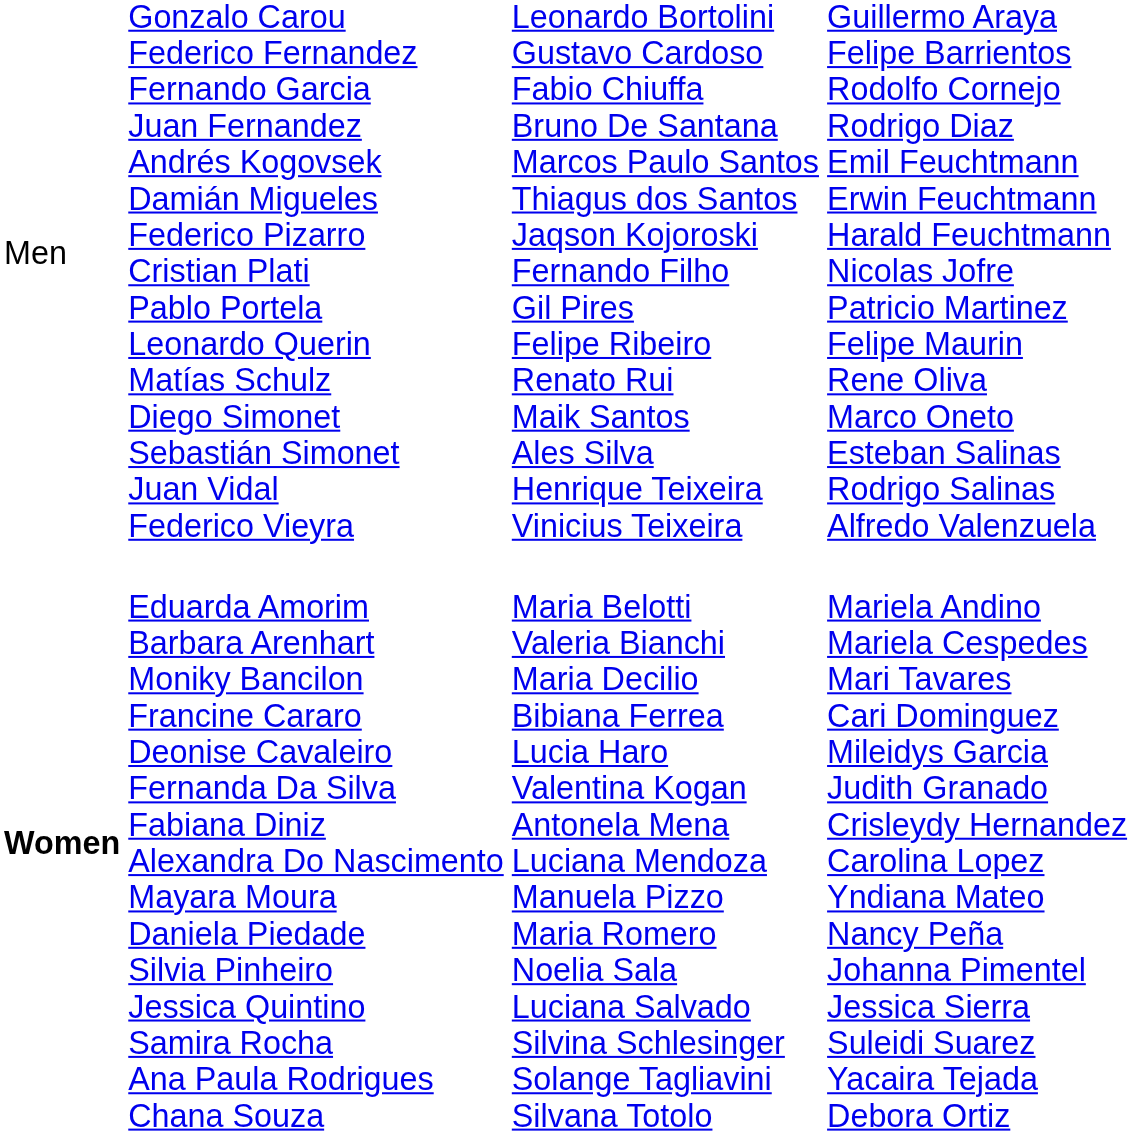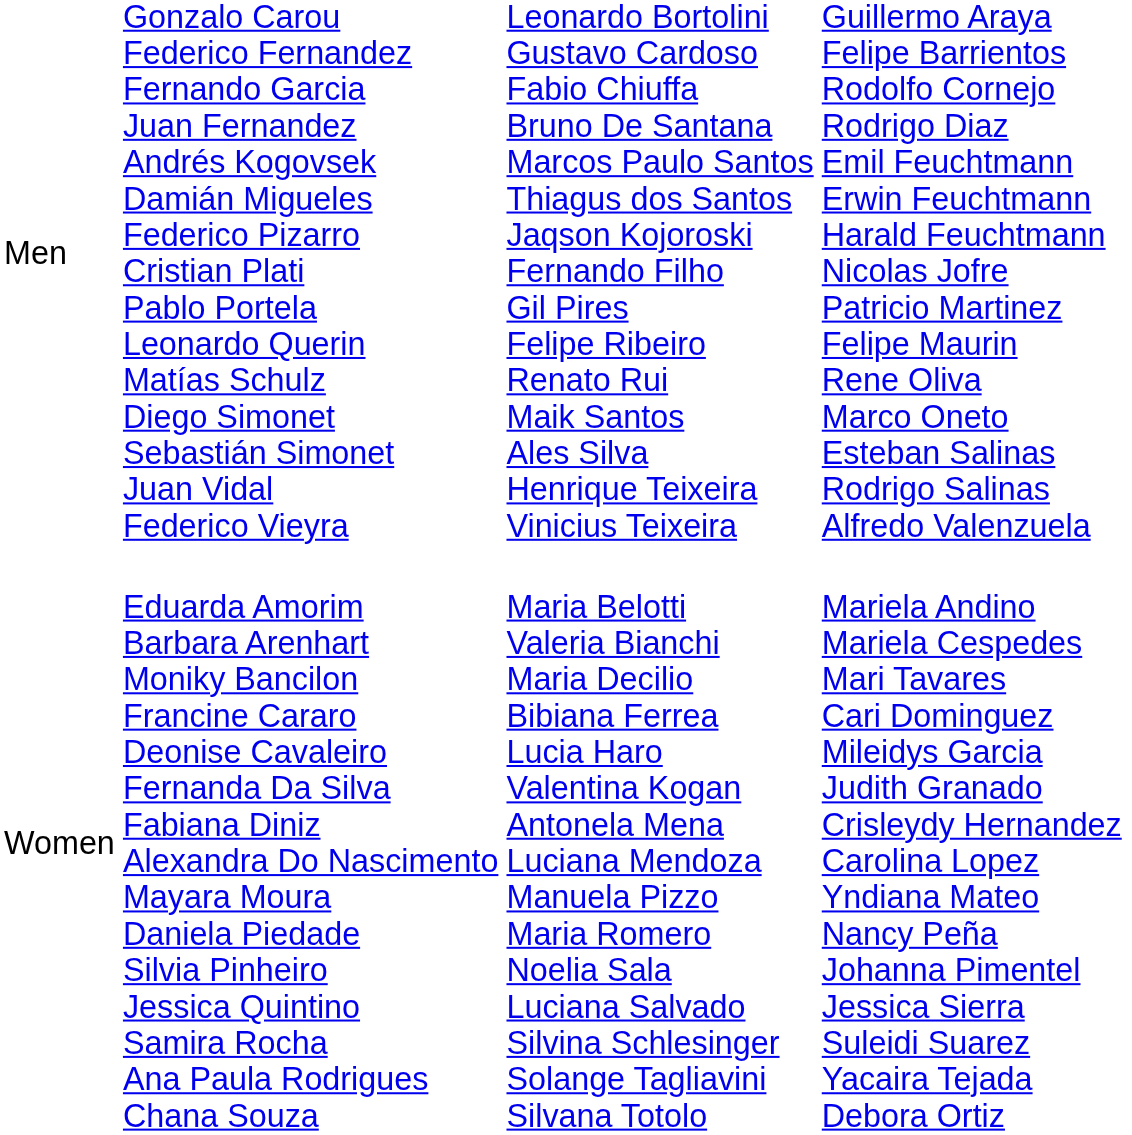 <table>
 <tr>
 <td>Men <br></td>
 <td><br><a href='#'>Gonzalo Carou</a><br><a href='#'>Federico Fernandez</a><br><a href='#'>Fernando Garcia</a><br><a href='#'>Juan Fernandez</a><br><a href='#'>Andrés Kogovsek</a><br><a href='#'>Damián Migueles</a><br><a href='#'>Federico Pizarro</a><br><a href='#'>Cristian Plati</a><br><a href='#'>Pablo Portela</a><br><a href='#'>Leonardo Querin</a><br><a href='#'>Matías Schulz</a><br><a href='#'>Diego Simonet</a><br><a href='#'>Sebastián Simonet</a><br><a href='#'>Juan Vidal</a><br><a href='#'>Federico Vieyra</a></td>
 <td><br><a href='#'>Leonardo Bortolini</a><br><a href='#'>Gustavo Cardoso</a><br><a href='#'>Fabio Chiuffa</a><br><a href='#'>Bruno De Santana</a><br><a href='#'>Marcos Paulo Santos</a><br><a href='#'>Thiagus dos Santos</a><br><a href='#'>Jaqson Kojoroski</a><br><a href='#'>Fernando Filho</a><br><a href='#'>Gil Pires</a><br><a href='#'>Felipe Ribeiro</a><br><a href='#'>Renato Rui</a><br><a href='#'>Maik Santos</a><br><a href='#'>Ales Silva</a><br><a href='#'>Henrique Teixeira</a><br><a href='#'>Vinicius Teixeira</a></td>
 <td><br><a href='#'>Guillermo Araya</a><br><a href='#'>Felipe Barrientos</a><br><a href='#'>Rodolfo Cornejo</a><br><a href='#'>Rodrigo Diaz</a><br><a href='#'>Emil Feuchtmann</a><br><a href='#'>Erwin Feuchtmann</a><br><a href='#'>Harald Feuchtmann</a><br><a href='#'>Nicolas Jofre</a><br><a href='#'>Patricio Martinez</a><br><a href='#'>Felipe Maurin</a><br><a href='#'>Rene Oliva</a><br><a href='#'>Marco Oneto</a><br><a href='#'>Esteban Salinas</a><br><a href='#'>Rodrigo Salinas</a><br><a href='#'>Alfredo Valenzuela</a></td>
 </tr>
 <tr>
-<td><strong>Women <br></strong></td>
+<td>Women <br></td>
 <td><br><a href='#'>Eduarda Amorim</a><br><a href='#'>Barbara Arenhart</a><br><a href='#'>Moniky Bancilon</a><br><a href='#'>Francine Cararo</a><br><a href='#'>Deonise Cavaleiro</a><br><a href='#'>Fernanda Da Silva</a><br><a href='#'>Fabiana Diniz</a><br><a href='#'>Alexandra Do Nascimento</a><br><a href='#'>Mayara Moura</a><br><a href='#'>Daniela Piedade</a><br><a href='#'>Silvia Pinheiro</a><br><a href='#'>Jessica Quintino</a><br><a href='#'>Samira Rocha</a><br><a href='#'>Ana Paula Rodrigues</a><br><a href='#'>Chana Souza</a></td>
 <td><br><a href='#'>Maria Belotti</a><br><a href='#'>Valeria Bianchi</a><br><a href='#'>Maria Decilio</a><br><a href='#'>Bibiana Ferrea</a><br><a href='#'>Lucia Haro</a><br><a href='#'>Valentina Kogan</a><br><a href='#'>Antonela Mena</a><br><a href='#'>Luciana Mendoza</a><br><a href='#'>Manuela Pizzo</a><br><a href='#'>Maria Romero</a><br><a href='#'>Noelia Sala</a><br><a href='#'>Luciana Salvado</a><br><a href='#'>Silvina Schlesinger</a><br><a href='#'>Solange Tagliavini</a><br><a href='#'>Silvana Totolo</a></td>
 <td><br><a href='#'>Mariela Andino</a><br><a href='#'>Mariela Cespedes</a><br><a href='#'>Mari Tavares</a><br><a href='#'>Cari Dominguez</a><br><a href='#'>Mileidys Garcia</a><br><a href='#'>Judith Granado</a><br><a href='#'>Crisleydy Hernandez</a><br><a href='#'>Carolina Lopez</a><br><a href='#'>Yndiana Mateo</a><br><a href='#'>Nancy Peña</a><br><a href='#'>Johanna Pimentel</a><br><a href='#'>Jessica Sierra</a><br><a href='#'>Suleidi Suarez</a><br><a href='#'>Yacaira Tejada</a><br><a href='#'>Debora Ortiz</a></td>
 </tr>
 </table>
